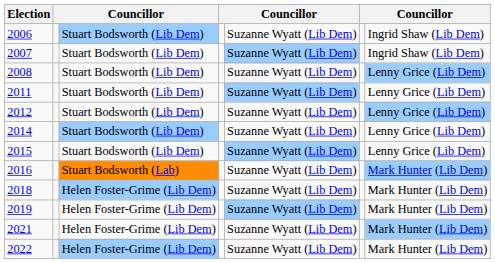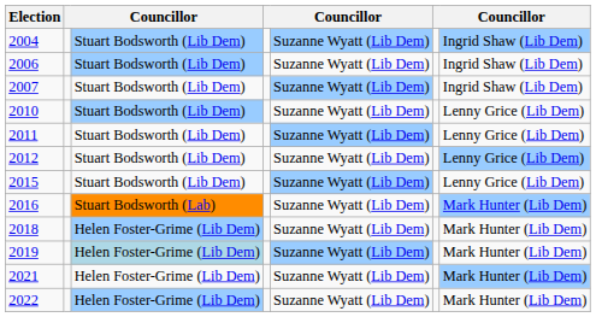 <table class="wikitable">
 <tr>
 <th>Election</th>
 <th colspan="2">Councillor</th>
 <th colspan="2">Councillor</th>
 <th colspan="2">Councillor</th>
+</tr>
+<tr>
+<td><a href='#'>2004</a></td>
+<td style="background-color: "></td>
+<td bgcolor="#99CCFF">Stuart Bodsworth (<a href='#'>Lib Dem</a>)</td>
+<td style="background-color: "></td>
+<td bgcolor="#99CCFF">Suzanne Wyatt (<a href='#'>Lib Dem</a>)</td>
+<td style="background-color: "></td>
+<td bgcolor="#99CCFF">Ingrid Shaw (<a href='#'>Lib Dem</a>)</td>
 </tr>
 <tr>
 <td><a href='#'>2006</a></td>
 <td style="background-color: "></td>
 <td bgcolor="#99CCFF">Stuart Bodsworth (<a href='#'>Lib Dem</a>)</td>
 <td style="background-color: "></td>
 <td>Suzanne Wyatt (<a href='#'>Lib Dem</a>)</td>
 <td style="background-color: "></td>
 <td>Ingrid Shaw (<a href='#'>Lib Dem</a>)</td>
 </tr>
 <tr>
 <td><a href='#'>2007</a></td>
 <td style="background-color: "></td>
 <td>Stuart Bodsworth (<a href='#'>Lib Dem</a>)</td>
 <td style="background-color: "></td>
 <td bgcolor="#99CCFF">Suzanne Wyatt (<a href='#'>Lib Dem</a>)</td>
 <td style="background-color: "></td>
 <td>Ingrid Shaw (<a href='#'>Lib Dem</a>)</td>
 </tr>
 <tr>
-<td><a href='#'>2008</a></td>
+<td><a href='#'>2010</a></td>
 <td style="background-color: "></td>
-<td>Stuart Bodsworth (<a href='#'>Lib Dem</a>)</td>
+<td bgcolor="#99CCFF">Stuart Bodsworth (<a href='#'>Lib Dem</a>)</td>
 <td style="background-color: "></td>
 <td>Suzanne Wyatt (<a href='#'>Lib Dem</a>)</td>
 <td style="background-color: "></td>
-<td bgcolor="#99CCFF">Lenny Grice (<a href='#'>Lib Dem</a>)</td>
+<td>Lenny Grice (<a href='#'>Lib Dem</a>)</td>
 </tr>
 <tr>
 <td><a href='#'>2011</a></td>
 <td style="background-color: "></td>
 <td>Stuart Bodsworth (<a href='#'>Lib Dem</a>)</td>
 <td style="background-color: "></td>
 <td bgcolor="#99CCFF">Suzanne Wyatt (<a href='#'>Lib Dem</a>)</td>
 <td style="background-color: "></td>
 <td>Lenny Grice (<a href='#'>Lib Dem</a>)</td>
 </tr>
 <tr>
 <td><a href='#'>2012</a></td>
 <td style="background-color: "></td>
 <td>Stuart Bodsworth (<a href='#'>Lib Dem</a>)</td>
 <td style="background-color: "></td>
 <td>Suzanne Wyatt (<a href='#'>Lib Dem</a>)</td>
 <td style="background-color: "></td>
 <td bgcolor="#99CCFF">Lenny Grice (<a href='#'>Lib Dem</a>)</td>
-</tr>
-<tr>
-<td><a href='#'>2014</a></td>
-<td style="background-color: "></td>
-<td bgcolor="#99CCFF">Stuart Bodsworth (<a href='#'>Lib Dem</a>)</td>
-<td style="background-color: "></td>
-<td>Suzanne Wyatt (<a href='#'>Lib Dem</a>)</td>
-<td style="background-color: "></td>
-<td>Lenny Grice (<a href='#'>Lib Dem</a>)</td>
 </tr>
 <tr>
 <td><a href='#'>2015</a></td>
 <td style="background-color: "></td>
 <td>Stuart Bodsworth (<a href='#'>Lib Dem</a>)</td>
 <td style="background-color: "></td>
 <td bgcolor="#99CCFF">Suzanne Wyatt (<a href='#'>Lib Dem</a>)</td>
 <td style="background-color: "></td>
 <td>Lenny Grice (<a href='#'>Lib Dem</a>)</td>
 </tr>
 <tr>
 <td><a href='#'>2016</a></td>
 <td style="background-color: "></td>
 <td bgcolor="#FF8C00">Stuart Bodsworth (<a href='#'>Lab</a>)</td>
 <td style="background-color: "></td>
 <td>Suzanne Wyatt (<a href='#'>Lib Dem</a>)</td>
 <td style="background-color: "></td>
 <td bgcolor="#99CCFF"><a href='#'>Mark Hunter</a> (<a href='#'>Lib Dem</a>)</td>
 </tr>
 <tr>
 <td><a href='#'>2018</a></td>
 <td style="background-color: "></td>
 <td bgcolor="#99CCFF">Helen Foster-Grime (<a href='#'>Lib Dem</a>)</td>
 <td style="background-color: "></td>
 <td>Suzanne Wyatt (<a href='#'>Lib Dem</a>)</td>
 <td style="background-color: "></td>
 <td>Mark Hunter (<a href='#'>Lib Dem</a>)</td>
 </tr>
 <tr>
 <td><a href='#'>2019</a></td>
 <td style="background-color: "></td>
-<td>Helen Foster-Grime (<a href='#'>Lib Dem</a>)</td>
+<td style="background: lightblue;">Helen Foster-Grime (<a href='#'>Lib Dem</a>)</td>
 <td style="background-color: "></td>
 <td bgcolor="#99CCFF">Suzanne Wyatt (<a href='#'>Lib Dem</a>)</td>
 <td style="background-color: "></td>
 <td>Mark Hunter (<a href='#'>Lib Dem</a>)</td>
 </tr>
 <tr>
 <td><a href='#'>2021</a></td>
 <td style="background-color: "></td>
 <td>Helen Foster-Grime (<a href='#'>Lib Dem</a>)</td>
 <td style="background-color: "></td>
 <td>Suzanne Wyatt (<a href='#'>Lib Dem</a>)</td>
 <td style="background-color: "></td>
 <td bgcolor="#99CCFF">Mark Hunter (<a href='#'>Lib Dem</a>)</td>
 </tr>
 <tr>
 <td><a href='#'>2022</a></td>
 <td style="background-color: "></td>
 <td bgcolor="#99CCFF">Helen Foster-Grime (<a href='#'>Lib Dem</a>)</td>
 <td style="background-color: "></td>
 <td>Suzanne Wyatt (<a href='#'>Lib Dem</a>)</td>
 <td style="background-color: "></td>
 <td>Mark Hunter (<a href='#'>Lib Dem</a>)</td>
 </tr>
 </table>
